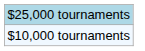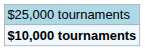 <table class="wikitable">
 <tr style="background:lightblue;">
 <td>$25,000 tournaments</td>
 </tr>
 <tr style="background:#f0f8ff;">
-<td>$10,000 tournaments</td>
+<td><strong>$10,000 tournaments</strong></td>
 </tr>
 </table>
